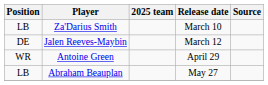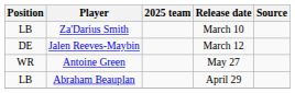 <table class="wikitable" style="text-align:center">
 <tr>
 <th>Position</th>
 <th>Player</th>
 <th>2025 team</th>
 <th>Release date</th>
 <th>Source</th>
 </tr>
 <tr>
 <td>LB</td>
 <td><a href='#'>Za'Darius Smith</a></td>
 <td></td>
 <td>March 10</td>
 <td></td>
 </tr>
 <tr>
 <td>DE</td>
 <td><a href='#'>Jalen Reeves-Maybin</a></td>
 <td></td>
 <td>March 12</td>
 <td></td>
 </tr>
 <tr>
 <td>WR</td>
 <td><a href='#'>Antoine Green</a></td>
 <td></td>
-<td>April 29</td>
+<td>May 27</td>
 <td></td>
 </tr>
 <tr>
 <td>LB</td>
 <td><a href='#'>Abraham Beauplan</a></td>
 <td></td>
-<td>May 27</td>
+<td>April 29</td>
 <td></td>
 </tr>
 <tr>
 </tr>
 </table>
